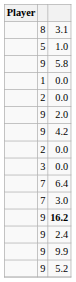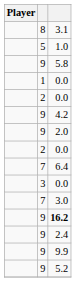 <table class="wikitable sortable" style="font-size:95%; text-align:right;">
 <tr>
 <th>Player</th>
 <th></th>
 <th></th>
 </tr>
 <tr>
 <td><strong></strong></td>
 <td>8</td>
 <td>3.1</td>
 </tr>
 <tr>
 <td><strong></strong></td>
 <td>5</td>
 <td>1.0</td>
 </tr>
 <tr>
 <td><strong></strong></td>
 <td>9</td>
 <td>5.8</td>
 </tr>
 <tr>
 <td><strong></strong></td>
 <td>1</td>
 <td>0.0</td>
 </tr>
 <tr>
 <td><strong></strong></td>
 <td>2</td>
 <td>0.0</td>
 </tr>
 <tr>
 <td><strong></strong></td>
 <td>9</td>
-<td>2.0</td>
+<td>4.2</td>
 </tr>
 <tr>
 <td><strong></strong></td>
 <td>9</td>
-<td>4.2</td>
+<td>2.0</td>
 </tr>
 <tr>
 <td><strong></strong></td>
 <td>2</td>
 <td>0.0</td>
 </tr>
 <tr>
 <td><strong></strong></td>
-<td>3</td>
-<td>0.0</td>
+<td>7</td>
+<td>6.4</td>
 </tr>
 <tr>
 <td><strong></strong></td>
-<td>7</td>
-<td>6.4</td>
+<td>3</td>
+<td>0.0</td>
 </tr>
 <tr>
 <td><strong></strong></td>
 <td>7</td>
 <td>3.0</td>
 </tr>
 <tr>
 <td><strong></strong></td>
 <td>9</td>
 <td><strong>16.2</strong></td>
 </tr>
 <tr>
 <td><strong></strong></td>
 <td>9</td>
 <td>2.4</td>
 </tr>
 <tr>
 <td><strong></strong></td>
 <td>9</td>
 <td>9.9</td>
 </tr>
 <tr>
 <td><strong></strong></td>
 <td>9</td>
 <td>5.2</td>
 </tr>
 <tr>
 </tr>
 </table>
